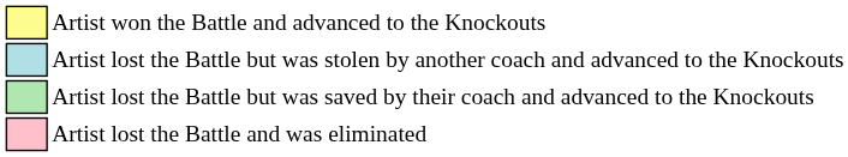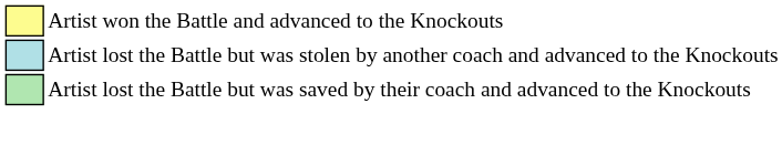 <table class="toccolours" style="font-size: 90%; white-space: nowrap;”">
 <tr>
 <td style="background:#fdfc8f; border:1px solid black;">      </td>
 <td>Artist won the Battle and advanced to the Knockouts</td>
 </tr>
 <tr>
 <td style="background:#b0e0e6; border:1px solid black;">      </td>
 <td>Artist lost the Battle but was stolen by another coach and advanced to the Knockouts</td>
 </tr>
 <tr>
 <td style="background:#b0e6b0; border:1px solid black;">      </td>
 <td>Artist lost the Battle but was saved by their coach and advanced to the Knockouts</td>
 </tr>
 <tr>
-<td style="background:pink; border:1px solid black;">      </td>
-<td>Artist lost the Battle and was eliminated</td>
-</tr>
-<tr>
 </tr>
 </table>
